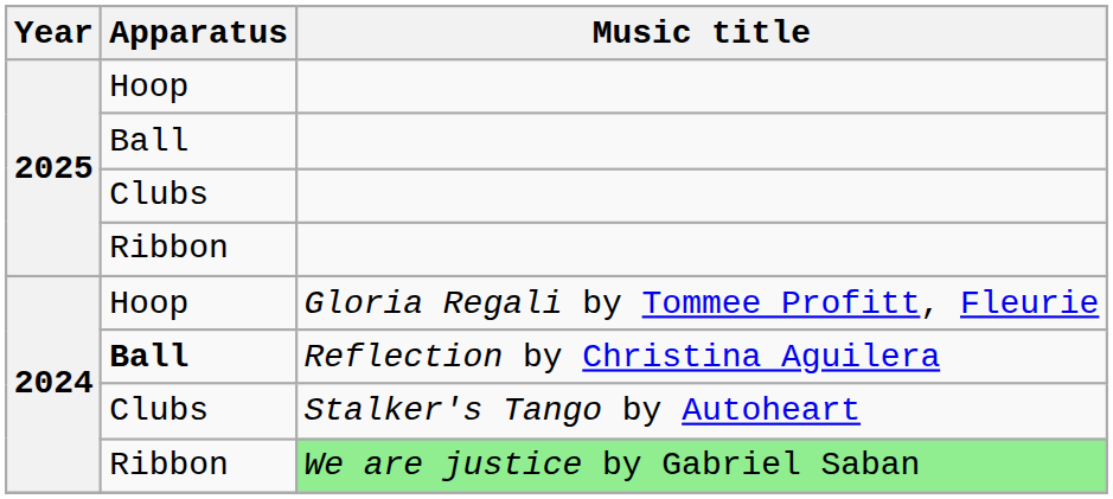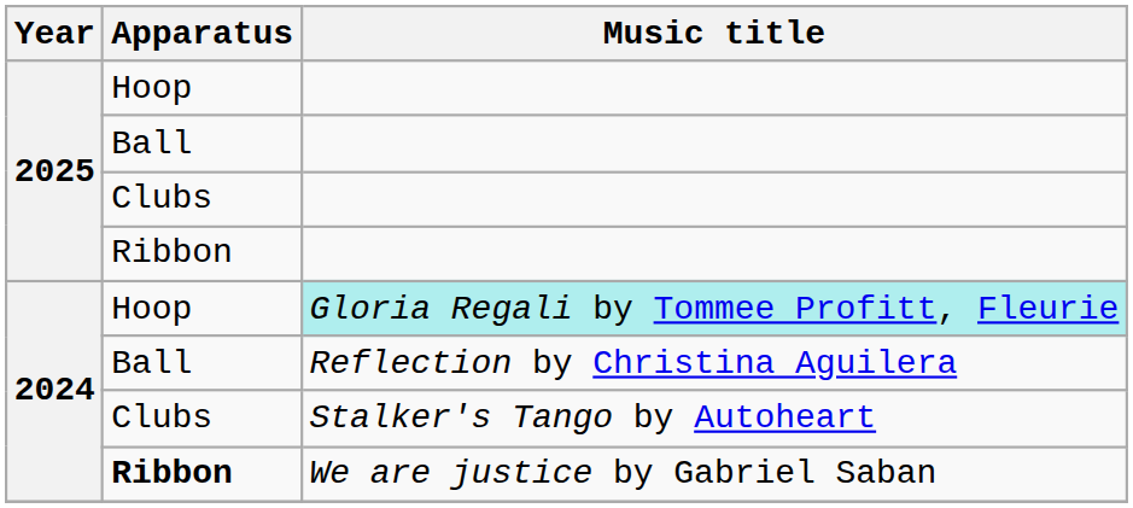 <table class="wikitable plainrowheaders">
 <tr>
 <th scope=col>Year</th>
 <th scope=col>Apparatus</th>
 <th scope=col>Music title</th>
 </tr>
 <tr>
 <th scope=row rowspan=4>2025</th>
 <td>Hoop</td>
 <td></td>
 </tr>
 <tr>
 <td>Ball</td>
 <td></td>
 </tr>
 <tr>
 <td>Clubs</td>
 <td></td>
 </tr>
 <tr>
 <td>Ribbon</td>
 <td></td>
 </tr>
 <tr>
 <th scope=row rowspan=4>2024</th>
 <td>Hoop</td>
-<td><em>Gloria Regali</em> by <a href='#'>Tommee Profitt</a>, <a href='#'>Fleurie</a></td>
+<td style="background: paleturquoise;"><em>Gloria Regali</em> by <a href='#'>Tommee Profitt</a>, <a href='#'>Fleurie</a></td>
 </tr>
 <tr>
-<td><strong>Ball</strong></td>
+<td>Ball</td>
 <td><em>Reflection</em> by <a href='#'>Christina Aguilera</a></td>
 </tr>
 <tr>
 <td>Clubs</td>
 <td><em>Stalker's Tango</em> by <a href='#'>Autoheart</a></td>
 </tr>
 <tr>
-<td>Ribbon</td>
-<td style="background: lightgreen;"><em>We are justice</em> by Gabriel Saban</td>
+<td><strong>Ribbon</strong></td>
+<td><em>We are justice</em> by Gabriel Saban</td>
 </tr>
 <tr>
 </tr>
 </table>
